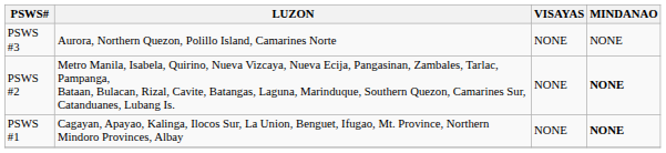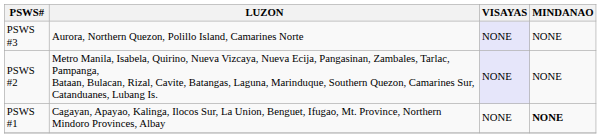 <table class="wikitable" style="margin:1em auto 1em auto;">
 <tr>
 <th>PSWS#</th>
 <th>LUZON</th>
 <th>VISAYAS</th>
 <th>MINDANAO</th>
 </tr>
 <tr>
 <td>PSWS #3</td>
 <td>Aurora, Northern Quezon, Polillo Island, Camarines Norte</td>
-<td>NONE</td>
+<td style="background: lavender;">NONE</td>
 <td>NONE</td>
 </tr>
 <tr>
 <td>PSWS #2</td>
 <td>Metro Manila, Isabela, Quirino, Nueva Vizcaya, Nueva Ecija, Pangasinan, Zambales, Tarlac, Pampanga,<br> Bataan, Bulacan, Rizal, Cavite, Batangas, Laguna, Marinduque, Southern Quezon, Camarines Sur,<br> Catanduanes, Lubang Is.</td>
+<td style="background: lavender;">NONE</td>
 <td>NONE</td>
-<td><strong>NONE</strong></td>
 </tr>
 <tr>
 <td>PSWS #1</td>
 <td>Cagayan, Apayao, Kalinga, Ilocos Sur, La Union, Benguet, Ifugao, Mt. Province, Northern Mindoro Provinces, Albay</td>
 <td>NONE</td>
 <td><strong>NONE</strong></td>
 </tr>
 <tr>
 </tr>
 </table>
